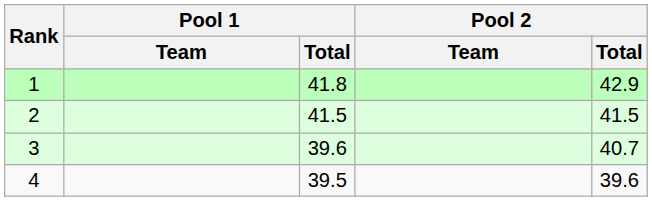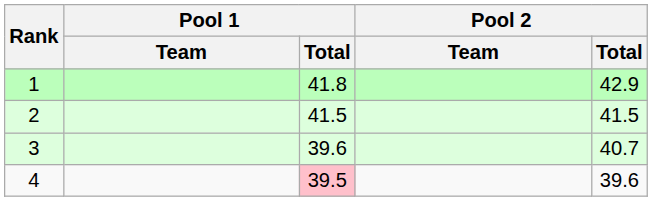 <table class="wikitable" style="text-align:center;">
 <tr>
 <th rowspan=2>Rank</th>
 <th colspan=2>Pool 1</th>
 <th colspan=2>Pool 2</th>
 </tr>
 <tr>
 <th width=180>Team</th>
 <th>Total</th>
 <th width=180>Team</th>
 <th>Total</th>
 </tr>
 <tr bgcolor=bbffbb>
 <td>1</td>
 <td align=left></td>
 <td>41.8</td>
 <td align=left></td>
 <td>42.9</td>
 </tr>
 <tr bgcolor=ddffdd>
 <td>2</td>
 <td align=left></td>
 <td>41.5</td>
 <td align=left></td>
 <td>41.5</td>
 </tr>
 <tr bgcolor=ddffdd>
 <td>3</td>
 <td align=left></td>
 <td>39.6</td>
 <td align=left></td>
 <td>40.7</td>
 </tr>
 <tr>
 <td>4</td>
 <td align=left></td>
-<td>39.5</td>
+<td style="background: pink;">39.5</td>
 <td align=left></td>
 <td>39.6</td>
 </tr>
 </table>
